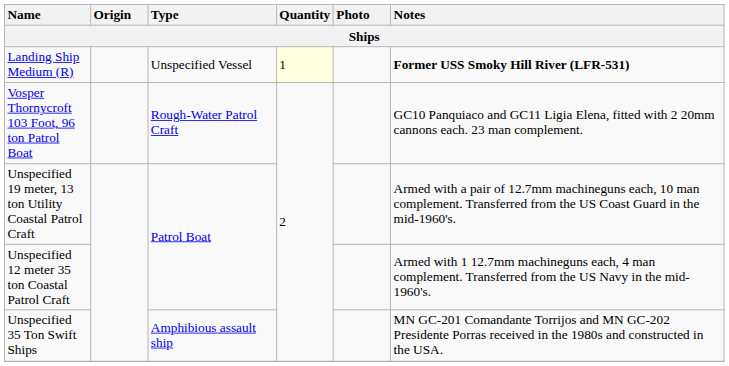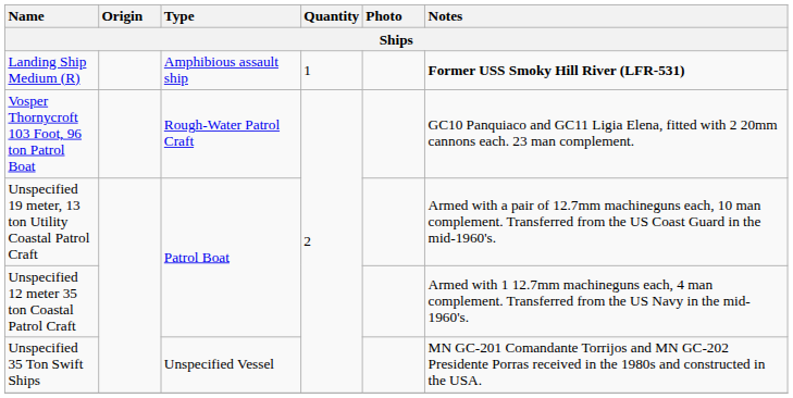 <table class="wikitable mw-collapsible">
 <tr>
 <th style="text-align: left; width:12%;">Name</th>
 <th style="text-align: left; width:8%;">Origin</th>
 <th style="text-align: left; width:18%;">Type</th>
 <th style="text-align: left; width:7%;">Quantity</th>
 <th style="text-align: left;width:8%;">Photo</th>
 <th style="text-align: left;width:47%;">Notes</th>
 </tr>
 <tr>
 <th style="align: center;" colspan="7">Ships</th>
 </tr>
 <tr>
 <td><a href='#'>Landing Ship Medium (R)</a></td>
 <td></td>
-<td>Unspecified Vessel</td>
-<td style="background: lightyellow;">1</td>
+<td><a href='#'>Amphibious assault ship</a></td>
+<td>1</td>
 <td></td>
 <td><strong>Former USS Smoky Hill River (LFR-531) </strong></td>
 </tr>
 <tr>
 <td><a href='#'>Vosper Thornycroft 103 Foot, 96 ton Patrol Boat</a></td>
 <td></td>
 <td><a href='#'>Rough-Water Patrol Craft</a></td>
 <td rowspan="4">2</td>
 <td></td>
 <td>GC10 Panquiaco and GC11 Ligia Elena, fitted with 2 20mm cannons each. 23 man complement.</td>
 </tr>
 <tr>
 <td>Unspecified 19 meter, 13 ton Utility Coastal Patrol Craft</td>
 <td rowspan="3"></td>
 <td rowspan="2"><a href='#'>Patrol Boat</a></td>
 <td></td>
 <td>Armed with a pair of 12.7mm machineguns each, 10 man complement. Transferred from the US Coast Guard in the mid-1960's.</td>
 </tr>
 <tr>
 <td>Unspecified 12 meter 35 ton Coastal Patrol Craft</td>
 <td></td>
 <td>Armed with 1 12.7mm machineguns each, 4 man complement. Transferred from the US Navy in the mid-1960's.</td>
 </tr>
 <tr>
 <td>Unspecified 35 Ton Swift Ships</td>
-<td><a href='#'>Amphibious assault ship</a></td>
+<td>Unspecified Vessel</td>
 <td></td>
 <td>MN GC-201 Comandante Torrijos and MN GC-202 Presidente Porras received in the 1980s and constructed in the USA.</td>
 </tr>
 <tr>
 </tr>
 </table>
